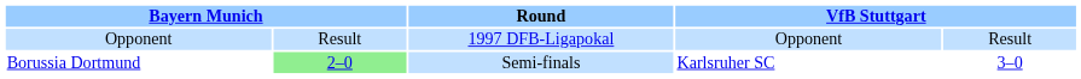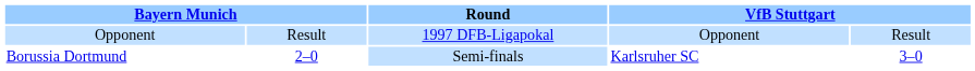 <table style="width:80%; text-align:center;">
 <tr style="vertical-align:top; background:#99CCFF;">
 <th colspan="2"><a href='#'>Bayern Munich</a></th>
 <th style="width:20%">Round</th>
 <th colspan="2"><a href='#'>VfB Stuttgart</a></th>
 </tr>
 <tr style="vertical-align:top; background:#C1E0FF;">
 <td style="width:20%">Opponent</td>
 <td style="width:10%">Result</td>
 <td><a href='#'>1997 DFB-Ligapokal</a></td>
 <td style="width:20%">Opponent</td>
 <td style="width:10%">Result</td>
 </tr>
 <tr>
 <td align="left"><a href='#'>Borussia Dortmund</a></td>
-<td style="background: lightgreen;"><a href='#'>2–0</a></td>
+<td><a href='#'>2–0</a></td>
 <td style="background:#C1E0FF;">Semi-finals</td>
 <td align="left"><a href='#'>Karlsruher SC</a></td>
 <td><a href='#'>3–0</a></td>
 </tr>
 </table>
